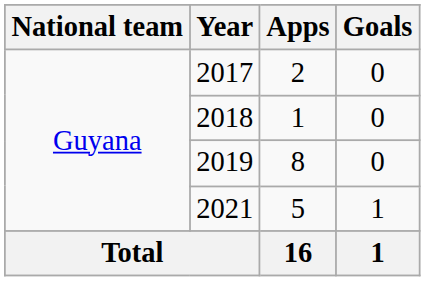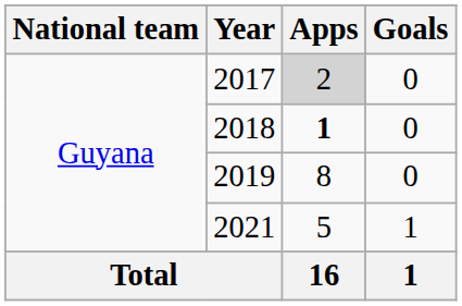 <table class="wikitable" style="text-align:center">
 <tr>
 <th>National team</th>
 <th>Year</th>
 <th>Apps</th>
 <th>Goals</th>
 </tr>
 <tr>
 <td rowspan="4"><a href='#'>Guyana</a></td>
 <td>2017</td>
-<td>2</td>
+<td style="background: lightgrey;">2</td>
 <td>0</td>
 </tr>
 <tr>
 <td>2018</td>
-<td>1</td>
+<td><strong>1</strong></td>
 <td>0</td>
 </tr>
 <tr>
 <td>2019</td>
 <td>8</td>
 <td>0</td>
 </tr>
 <tr>
 <td>2021</td>
 <td>5</td>
 <td>1</td>
 </tr>
 <tr>
 <th colspan="2">Total</th>
 <th>16</th>
 <th>1</th>
 </tr>
 </table>
